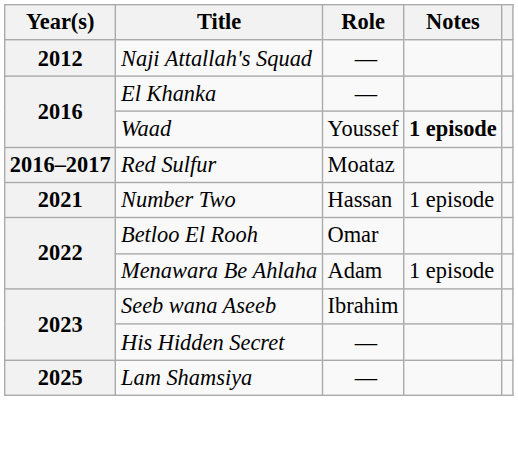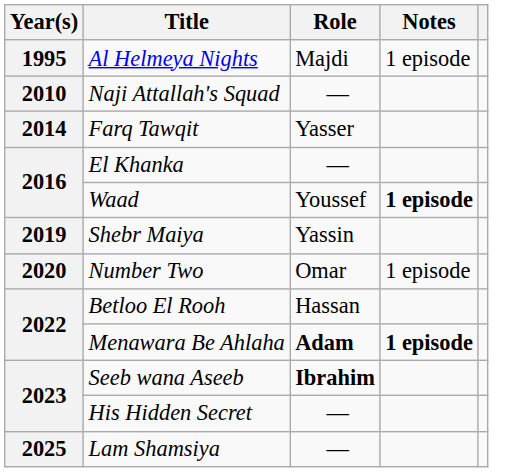 <table class="wikitable plainrowheaders sortable"  style=font-size:100%>
 <tr>
 <th scope="col">Year(s)</th>
 <th scope="col">Title</th>
 <th scope="col" class="unsortable">Role</th>
 <th scope="col" class="unsortable">Notes</th>
 <th scope="col" class="unsortable"></th>
 </tr>
 <tr>
-<th scope="row">2012</th>
+<th scope="row">1995</th>
+<td><em><a href='#'>Al Helmeya Nights</a></em></td>
+<td>Majdi</td>
+<td>1 episode</td>
+<td style="text-align:center;"></td>
+</tr>
+<tr>
+<th scope="row">2010</th>
 <td><em>Naji Attallah's Squad</em></td>
 <td align="center"> —</td>
+<td></td>
+<td style="text-align:center;"></td>
+</tr>
+<tr>
+<th scope="row">2014</th>
+<td><em>Farq Tawqit</em></td>
+<td>Yasser</td>
 <td></td>
 <td style="text-align:center;"></td>
 </tr>
 <tr>
 <th scope="row"  rowspan="2">2016</th>
 <td><em>El Khanka</em></td>
 <td align="center"> —</td>
 <td></td>
 <td style="text-align:center;"></td>
 </tr>
 <tr>
 <td><em>Waad</em></td>
 <td>Youssef</td>
 <td><strong>1 episode</strong></td>
 <td style="text-align:center;"></td>
 </tr>
 <tr>
-<th scope="row">2016–2017</th>
-<td><em>Red Sulfur</em></td>
-<td>Moataz</td>
+<th scope="row">2019</th>
+<td><em>Shebr Maiya</em></td>
+<td>Yassin</td>
 <td></td>
 <td style="text-align:center;"></td>
 </tr>
 <tr>
-<th scope="row">2021</th>
+<th scope="row">2020</th>
 <td><em>Number Two</em></td>
-<td>Hassan</td>
+<td>Omar</td>
 <td>1 episode</td>
 <td style="text-align:center;"></td>
 </tr>
 <tr>
 <th scope="row"  rowspan="2">2022</th>
 <td><em>Betloo El Rooh</em></td>
-<td>Omar</td>
+<td>Hassan</td>
 <td></td>
 <td style="text-align:center;"></td>
 </tr>
 <tr>
 <td><em>Menawara Be Ahlaha</em></td>
-<td>Adam</td>
-<td>1 episode</td>
+<td><strong>Adam</strong></td>
+<td><strong>1 episode</strong></td>
 <td style="text-align:center;"></td>
 </tr>
 <tr>
 <th scope="row"  rowspan="2">2023</th>
 <td><em>Seeb wana Aseeb</em></td>
-<td>Ibrahim</td>
+<td><strong>Ibrahim</strong></td>
 <td></td>
 <td style="text-align:center;"></td>
 </tr>
 <tr>
 <td><em>His Hidden Secret</em></td>
 <td align="center"> —</td>
 <td></td>
 <td style="text-align:center;"></td>
 </tr>
 <tr>
 <th scope="row">2025</th>
 <td><em>Lam Shamsiya</em></td>
 <td align="center"> —</td>
 <td></td>
 <td style="text-align:center;"></td>
 </tr>
 </table>
